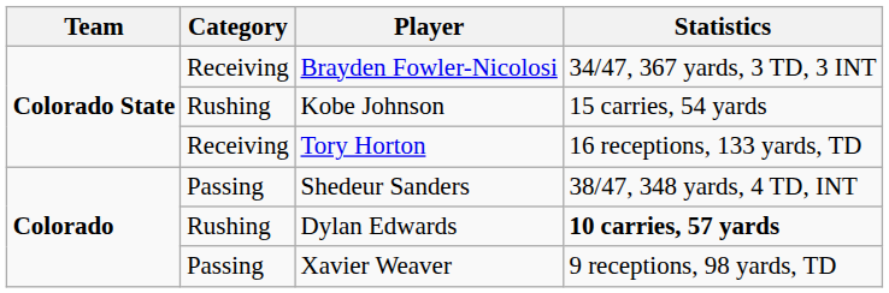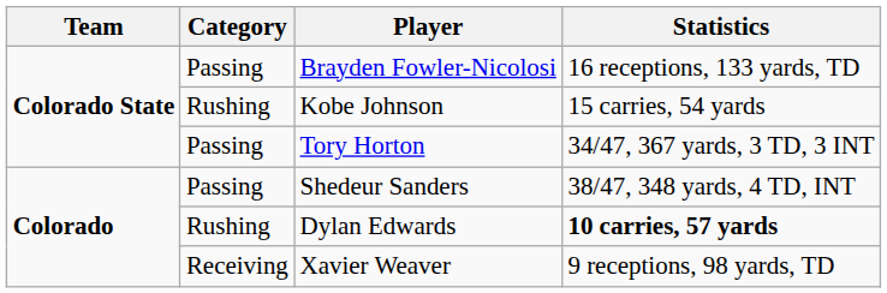 <table class="wikitable" style="float: right;">
 <tr>
 <th>Team</th>
 <th>Category</th>
 <th>Player</th>
 <th>Statistics</th>
 </tr>
 <tr>
 <td rowspan=3><strong>Colorado State</strong></td>
-<td>Receiving</td>
+<td>Passing</td>
 <td><a href='#'>Brayden Fowler-Nicolosi</a></td>
-<td>34/47, 367 yards, 3 TD, 3 INT</td>
+<td>16 receptions, 133 yards, TD</td>
 </tr>
 <tr>
 <td>Rushing</td>
 <td>Kobe Johnson</td>
 <td>15 carries, 54 yards</td>
 </tr>
 <tr>
-<td>Receiving</td>
+<td>Passing</td>
 <td><a href='#'>Tory Horton</a></td>
-<td>16 receptions, 133 yards, TD</td>
+<td>34/47, 367 yards, 3 TD, 3 INT</td>
 </tr>
 <tr>
 <td rowspan=3><strong>Colorado</strong></td>
 <td>Passing</td>
 <td>Shedeur Sanders</td>
 <td>38/47, 348 yards, 4 TD, INT</td>
 </tr>
 <tr>
 <td>Rushing</td>
 <td>Dylan Edwards</td>
 <td><strong>10 carries, 57 yards</strong></td>
 </tr>
 <tr>
-<td>Passing</td>
+<td>Receiving</td>
 <td>Xavier Weaver</td>
 <td>9 receptions, 98 yards, TD</td>
 </tr>
 </table>
